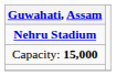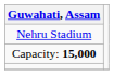 <table class="wikitable" style="margin:1em auto; text-align:center">
 <tr>
 <th><a href='#'>Guwahati</a>, <a href='#'>Assam</a></th>
 <td rowspan=4></td>
 </tr>
 <tr>
-<td><strong><a href='#'>Nehru Stadium</a></strong></td>
+<td><a href='#'>Nehru Stadium</a></td>
 </tr>
 <tr>
 <td>Capacity: <strong>15,000</strong></td>
 </tr>
 <tr>
 <td></td>
 </tr>
 <tr>
 </tr>
 </table>
